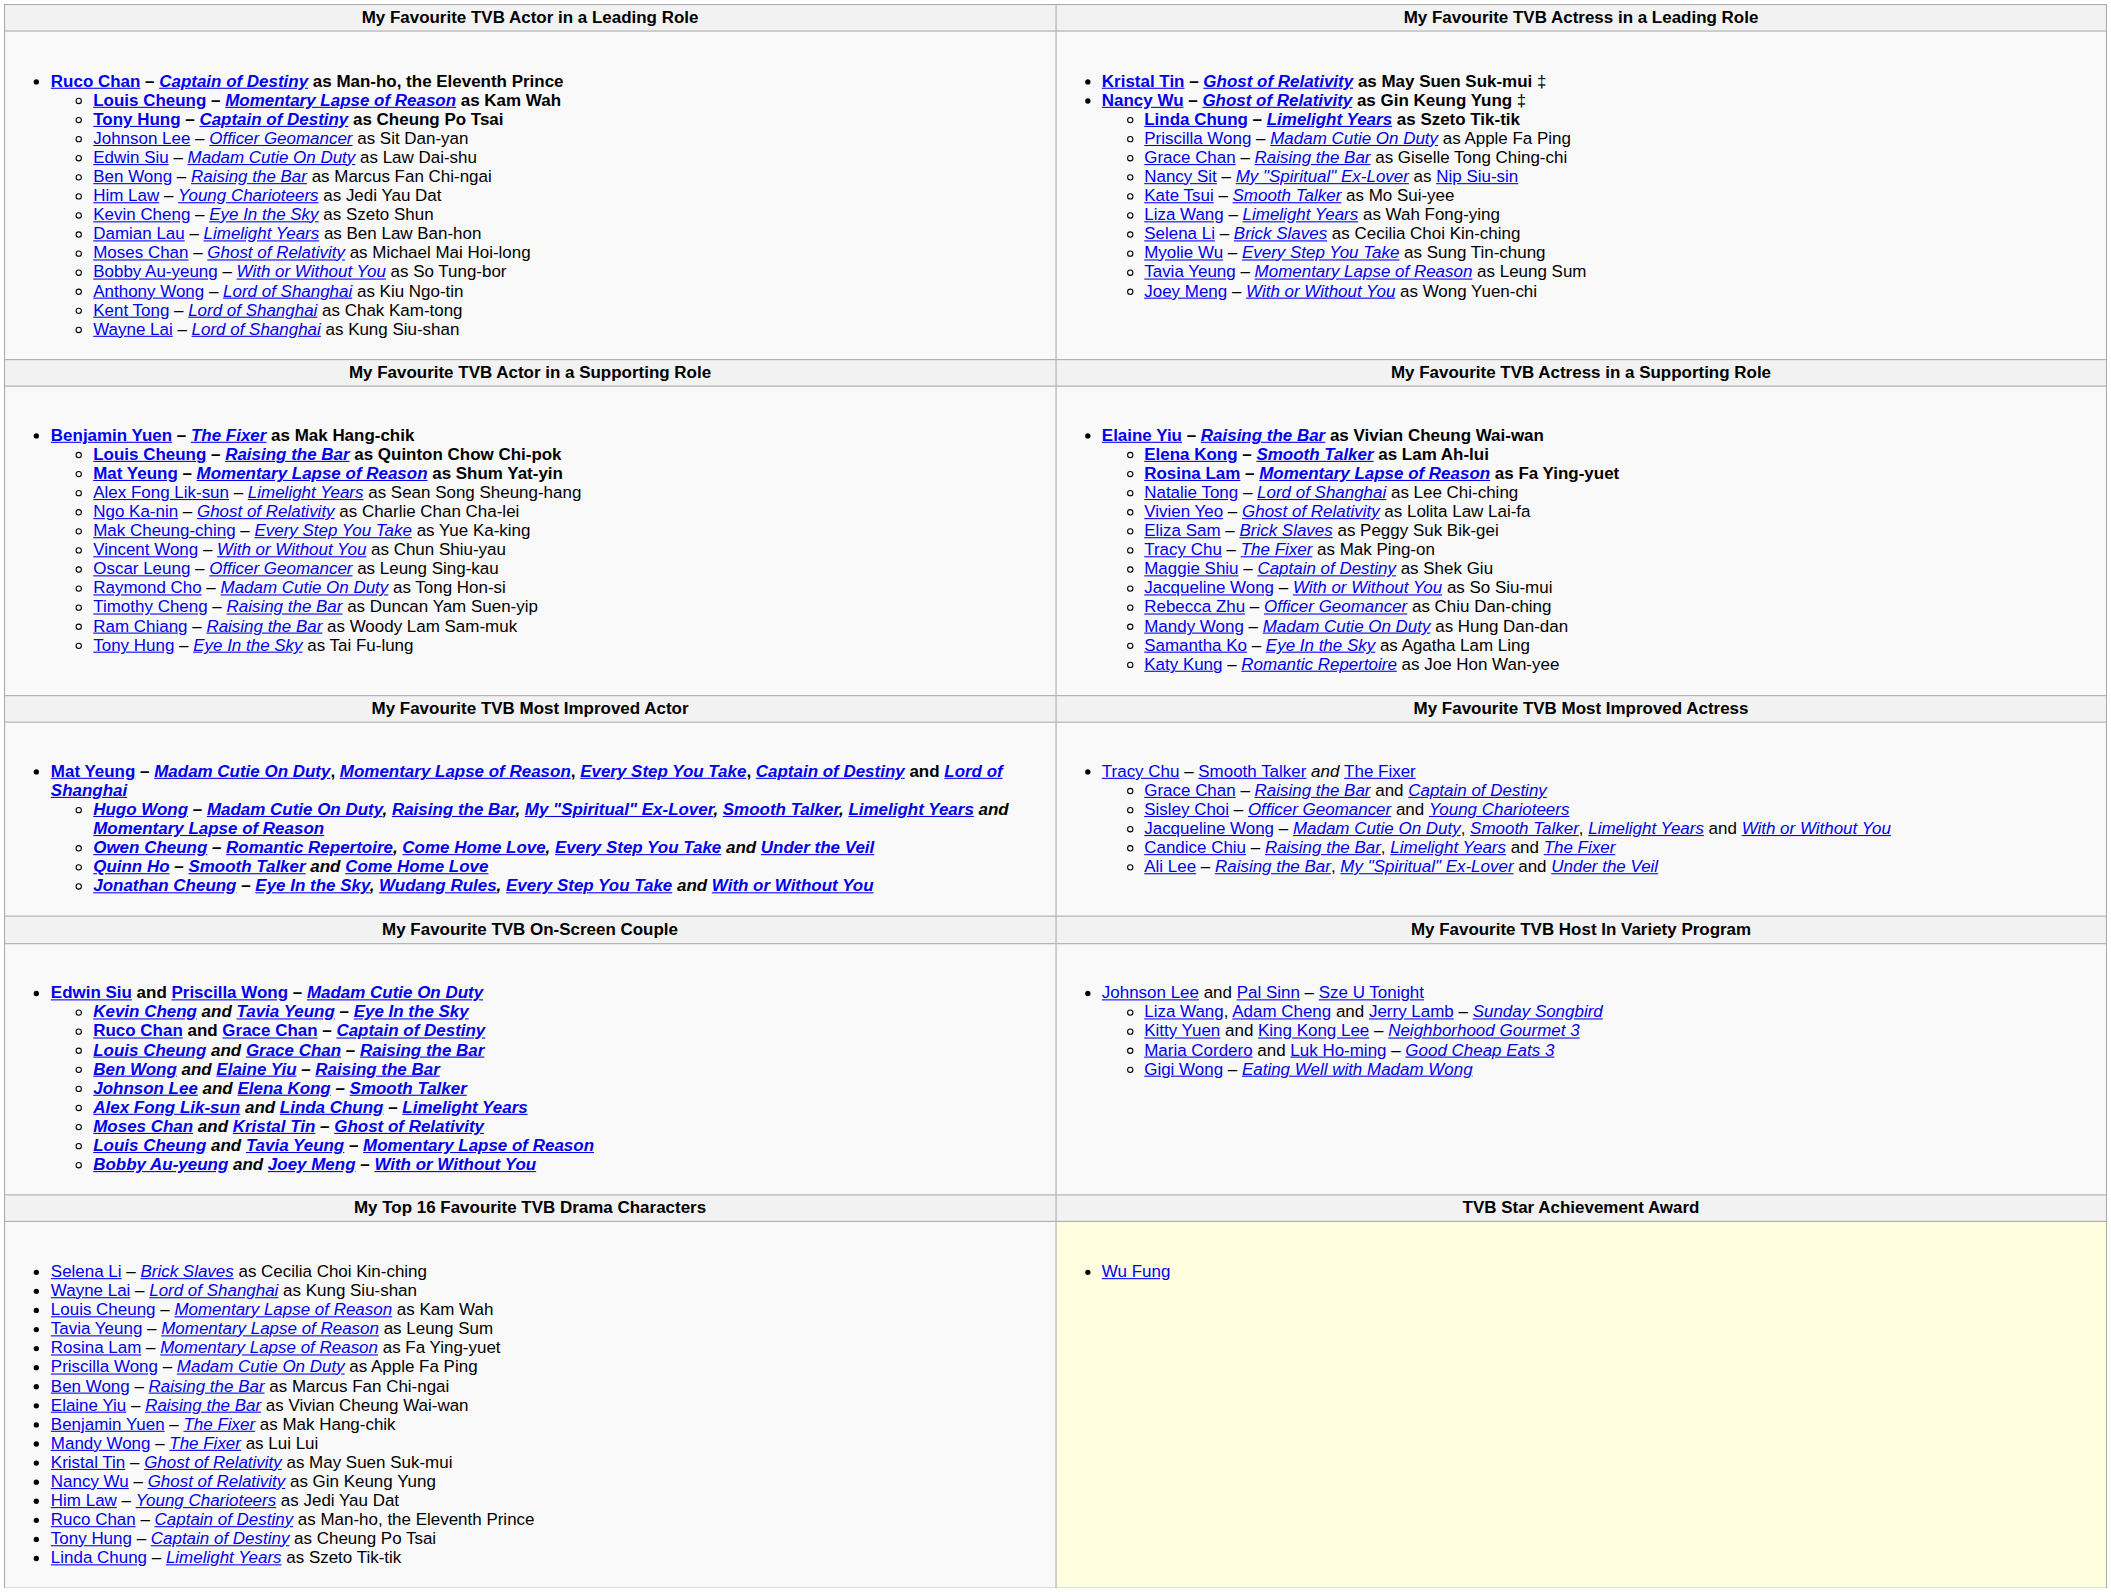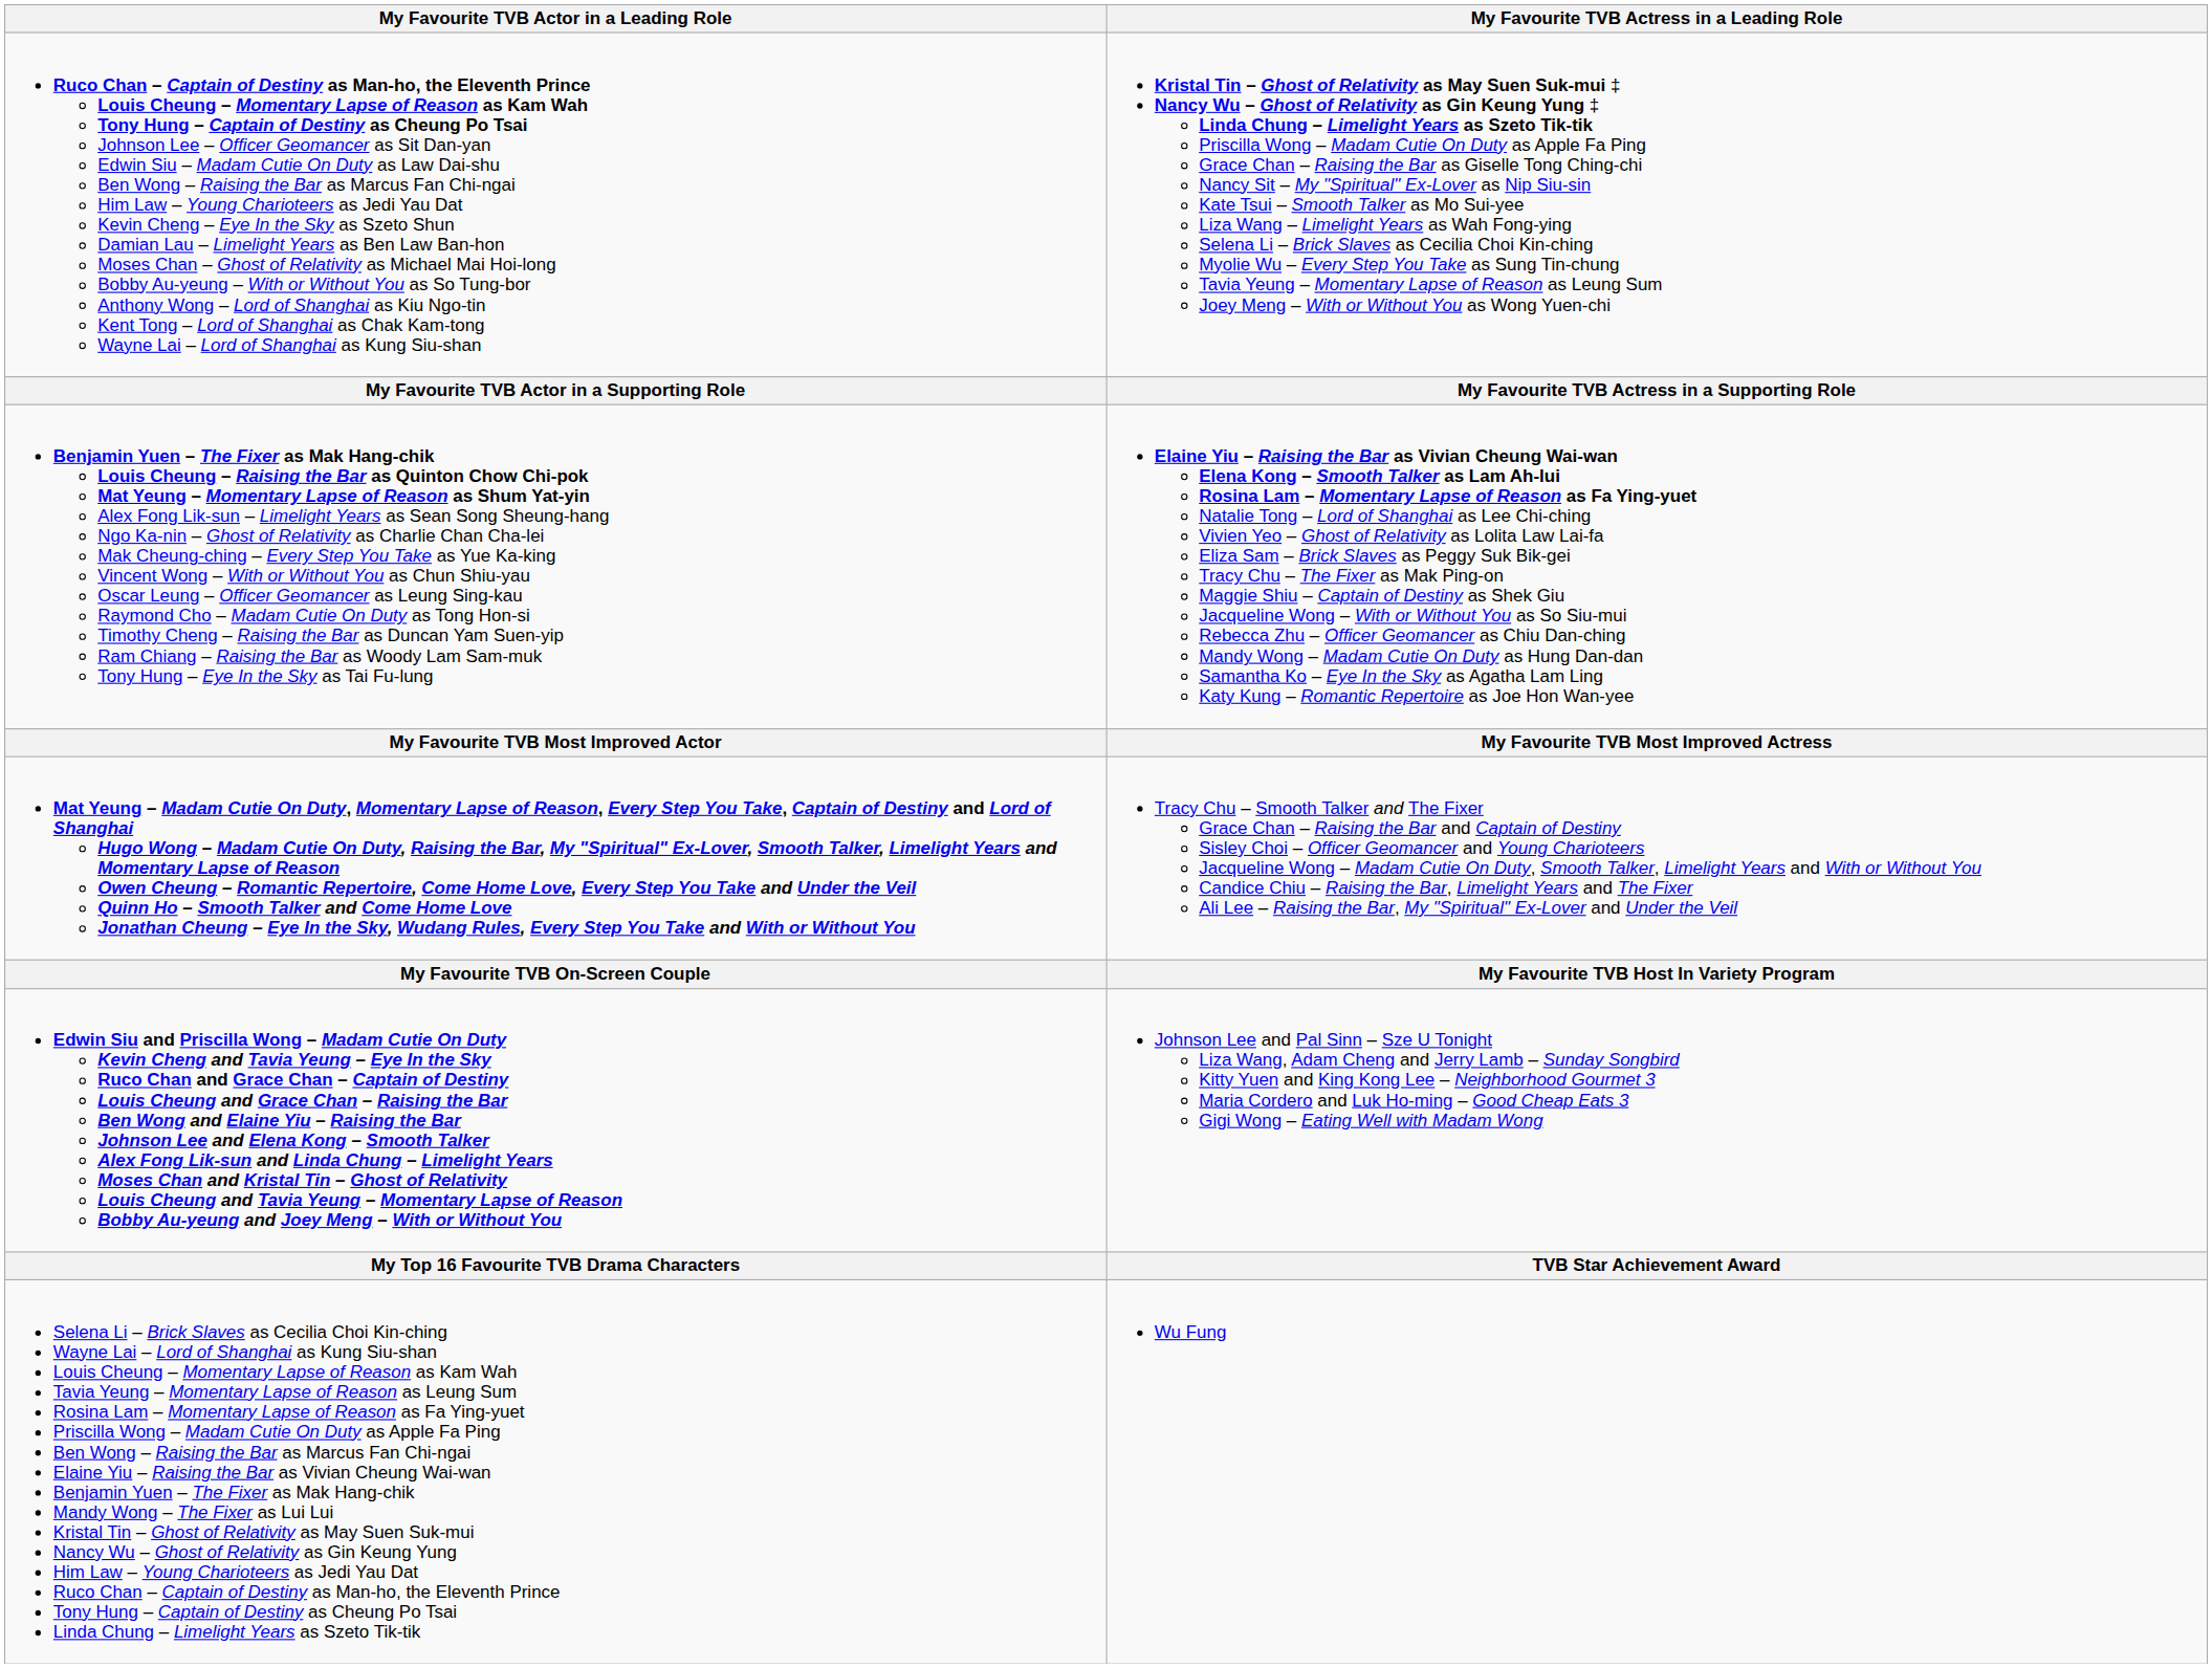 <table class="wikitable" width="100%">
 <tr>
 <th width="50%">My Favourite TVB Actor in a Leading Role</th>
 <th width="50%">My Favourite TVB Actress in a Leading Role</th>
 </tr>
 <tr>
 <td valign="top"><br><ul><li><strong> <a href='#'>Ruco Chan</a> – <em><a href='#'>Captain of Destiny</a></em> as Man-ho, the Eleventh Prince</strong><ul><li><strong><a href='#'>Louis Cheung</a> – <em><a href='#'>Momentary Lapse of Reason</a></em> as Kam Wah</strong></li><li><strong><a href='#'>Tony Hung</a> – <em><a href='#'>Captain of Destiny</a></em> as Cheung Po Tsai</strong></li><li><a href='#'>Johnson Lee</a> – <em><a href='#'>Officer Geomancer</a></em> as Sit Dan-yan</li><li><a href='#'>Edwin Siu</a> – <em><a href='#'>Madam Cutie On Duty</a></em> as Law Dai-shu</li><li><a href='#'>Ben Wong</a> – <em><a href='#'>Raising the Bar</a></em> as Marcus Fan Chi-ngai</li><li><a href='#'>Him Law</a> – <em><a href='#'>Young Charioteers</a></em> as Jedi Yau Dat</li><li><a href='#'>Kevin Cheng</a> – <em><a href='#'>Eye In the Sky</a></em> as Szeto Shun</li><li><a href='#'>Damian Lau</a> – <em><a href='#'>Limelight Years</a></em> as Ben Law Ban-hon</li><li><a href='#'>Moses Chan</a> – <em><a href='#'>Ghost of Relativity</a></em> as Michael Mai Hoi-long</li><li><a href='#'>Bobby Au-yeung</a> – <em><a href='#'>With or Without You</a></em> as So Tung-bor</li><li><a href='#'>Anthony Wong</a> – <em><a href='#'>Lord of Shanghai</a></em> as Kiu Ngo-tin</li><li><a href='#'>Kent Tong</a> – <em><a href='#'>Lord of Shanghai</a></em> as Chak Kam-tong</li><li><a href='#'>Wayne Lai</a> – <em><a href='#'>Lord of Shanghai</a></em> as Kung Siu-shan</li></ul></li></ul></td>
 <td valign="top"><br><ul><li><strong><a href='#'>Kristal Tin</a> – <em><a href='#'>Ghost of Relativity</a></em> as May Suen Suk-mui</strong> ‡</li><li><strong><a href='#'>Nancy Wu</a> – <em><a href='#'>Ghost of Relativity</a></em> as Gin Keung Yung</strong> ‡<ul><li><strong><a href='#'>Linda Chung</a> – <em><a href='#'>Limelight Years</a></em> as Szeto Tik-tik</strong></li><li><a href='#'>Priscilla Wong</a> – <em><a href='#'>Madam Cutie On Duty</a></em> as Apple Fa Ping</li><li><a href='#'>Grace Chan</a> – <em><a href='#'>Raising the Bar</a></em> as Giselle Tong Ching-chi</li><li><a href='#'>Nancy Sit</a> – <em><a href='#'>My "Spiritual" Ex-Lover</a></em> as <a href='#'>Nip Siu-sin</a></li><li><a href='#'>Kate Tsui</a> – <em><a href='#'>Smooth Talker</a></em> as Mo Sui-yee</li><li><a href='#'>Liza Wang</a> – <em><a href='#'>Limelight Years</a></em> as Wah Fong-ying</li><li><a href='#'>Selena Li</a> – <em><a href='#'>Brick Slaves</a></em> as Cecilia Choi Kin-ching</li><li><a href='#'>Myolie Wu</a> – <em><a href='#'>Every Step You Take</a></em> as Sung Tin-chung</li><li><a href='#'>Tavia Yeung</a> – <em><a href='#'>Momentary Lapse of Reason</a></em> as Leung Sum</li><li><a href='#'>Joey Meng</a> – <em><a href='#'>With or Without You</a></em> as Wong Yuen-chi</li></ul></li></ul></td>
 </tr>
 <tr>
 <th width="50%">My Favourite TVB Actor in a Supporting Role</th>
 <th width="50%">My Favourite TVB Actress in a Supporting Role</th>
 </tr>
 <tr>
 <td valign="top"><br><ul><li><strong><a href='#'>Benjamin Yuen</a> – <em><a href='#'>The Fixer</a></em> as Mak Hang-chik</strong><ul><li><strong><a href='#'>Louis Cheung</a> – <em><a href='#'>Raising the Bar</a></em> as Quinton Chow Chi-pok</strong></li><li><strong><a href='#'>Mat Yeung</a> – <em><a href='#'>Momentary Lapse of Reason</a></em> as Shum Yat-yin</strong></li><li><a href='#'>Alex Fong Lik-sun</a> – <em><a href='#'>Limelight Years</a></em> as Sean Song Sheung-hang</li><li><a href='#'>Ngo Ka-nin</a> – <em><a href='#'>Ghost of Relativity</a></em> as Charlie Chan Cha-lei</li><li><a href='#'>Mak Cheung-ching</a> – <em><a href='#'>Every Step You Take</a></em> as Yue Ka-king</li><li><a href='#'>Vincent Wong</a> – <em><a href='#'>With or Without You</a></em> as Chun Shiu-yau</li><li><a href='#'>Oscar Leung</a> – <em><a href='#'>Officer Geomancer</a></em> as Leung Sing-kau</li><li><a href='#'>Raymond Cho</a> – <em><a href='#'>Madam Cutie On Duty</a></em> as Tong Hon-si</li><li><a href='#'>Timothy Cheng</a> – <em><a href='#'>Raising the Bar</a></em> as Duncan Yam Suen-yip</li><li><a href='#'>Ram Chiang</a> – <em><a href='#'>Raising the Bar</a></em> as Woody Lam Sam-muk</li><li><a href='#'>Tony Hung</a> – <em><a href='#'>Eye In the Sky</a></em> as Tai Fu-lung</li></ul></li></ul></td>
 <td valign="top"><br><ul><li><strong><a href='#'>Elaine Yiu</a> – <em><a href='#'>Raising the Bar</a></em> as Vivian Cheung Wai-wan</strong><ul><li><strong><a href='#'>Elena Kong</a> – <em><a href='#'>Smooth Talker</a></em> as Lam Ah-lui</strong></li><li><strong><a href='#'>Rosina Lam</a> – <em><a href='#'>Momentary Lapse of Reason</a></em> as Fa Ying-yuet</strong></li><li><a href='#'>Natalie Tong</a> – <em><a href='#'>Lord of Shanghai</a></em> as Lee Chi-ching</li><li><a href='#'>Vivien Yeo</a> – <em><a href='#'>Ghost of Relativity</a></em> as Lolita Law Lai-fa</li><li><a href='#'>Eliza Sam</a> – <em><a href='#'>Brick Slaves</a></em> as Peggy Suk Bik-gei</li><li><a href='#'>Tracy Chu</a> – <em><a href='#'>The Fixer</a></em> as Mak Ping-on</li><li><a href='#'>Maggie Shiu</a> – <em><a href='#'>Captain of Destiny</a></em> as Shek Giu</li><li><a href='#'>Jacqueline Wong</a> – <em><a href='#'>With or Without You</a></em> as So Siu-mui</li><li><a href='#'>Rebecca Zhu</a> – <em><a href='#'>Officer Geomancer</a></em> as Chiu Dan-ching</li><li><a href='#'>Mandy Wong</a> – <em><a href='#'>Madam Cutie On Duty</a></em> as Hung Dan-dan</li><li><a href='#'>Samantha Ko</a> – <em><a href='#'>Eye In the Sky</a></em> as Agatha Lam Ling</li><li><a href='#'>Katy Kung</a> – <em><a href='#'>Romantic Repertoire</a></em> as Joe Hon Wan-yee</li></ul></li></ul></td>
 </tr>
 <tr>
 <th width="50%">My Favourite TVB Most Improved Actor</th>
 <th width="50%">My Favourite TVB Most Improved Actress</th>
 </tr>
 <tr>
 <td valign="top"><br><ul><li><strong><a href='#'>Mat Yeung</a> – <em><a href='#'>Madam Cutie On Duty</a></em>, <em><a href='#'>Momentary Lapse of Reason</a></em>, <em><a href='#'>Every Step You Take</a></em>, <em><a href='#'>Captain of Destiny</a></em> and <em><a href='#'>Lord of Shanghai</a><strong><em><ul><li><a href='#'>Hugo Wong</a> – </em><a href='#'>Madam Cutie On Duty</a><em>, </em><a href='#'>Raising the Bar</a><em>, </em><a href='#'>My "Spiritual" Ex-Lover</a><em>, </em><a href='#'>Smooth Talker</a><em>, </em><a href='#'>Limelight Years</a><em> and </em><a href='#'>Momentary Lapse of Reason</a><em></li><li><a href='#'>Owen Cheung</a> – </em><a href='#'>Romantic Repertoire</a><em>, </em><a href='#'>Come Home Love</a><em>, </em><a href='#'>Every Step You Take</a><em> and </em><a href='#'>Under the Veil</a><em></li><li><a href='#'>Quinn Ho</a> – </em><a href='#'>Smooth Talker</a><em> and </em><a href='#'>Come Home Love</a><em></li><li><a href='#'>Jonathan Cheung</a> – </em><a href='#'>Eye In the Sky</a><em>, </em><a href='#'>Wudang Rules</a><em>, </em><a href='#'>Every Step You Take</a><em> and </em><a href='#'>With or Without You</a><em></li></ul></li></ul></td>
 <td valign="top"><br><ul><li></strong><a href='#'>Tracy Chu</a> – </em><a href='#'>Smooth Talker</a><em> and </em><a href='#'>The Fixer</a></em></strong><ul><li><a href='#'>Grace Chan</a> – <em><a href='#'>Raising the Bar</a></em> and <em><a href='#'>Captain of Destiny</a></em></li><li><a href='#'>Sisley Choi</a> – <em><a href='#'>Officer Geomancer</a></em> and <em><a href='#'>Young Charioteers</a></em></li><li><a href='#'>Jacqueline Wong</a> – <em><a href='#'>Madam Cutie On Duty</a></em>, <em><a href='#'>Smooth Talker</a></em>, <em><a href='#'>Limelight Years</a></em> and <em><a href='#'>With or Without You</a></em></li><li><a href='#'>Candice Chiu</a> – <em><a href='#'>Raising the Bar</a></em>, <em><a href='#'>Limelight Years</a></em> and <em><a href='#'>The Fixer</a></em></li><li><a href='#'>Ali Lee</a> – <em><a href='#'>Raising the Bar</a></em>, <em><a href='#'>My "Spiritual" Ex-Lover</a></em> and <em><a href='#'>Under the Veil</a></em></li></ul></li></ul></td>
 </tr>
 <tr>
 <th width="50%">My Favourite TVB On-Screen Couple</th>
 <th width="50%">My Favourite TVB Host In Variety Program</th>
 </tr>
 <tr>
 <td valign="top"><br><ul><li><strong><a href='#'>Edwin Siu</a> and <a href='#'>Priscilla Wong</a> – <em><a href='#'>Madam Cutie On Duty</a><strong><em><ul><li></strong><a href='#'>Kevin Cheng</a> and <a href='#'>Tavia Yeung</a> – </em><a href='#'>Eye In the Sky</a></em></strong></li><li><strong><a href='#'>Ruco Chan</a> and <a href='#'>Grace Chan</a> – <em><a href='#'>Captain of Destiny</a><strong><em></li><li><a href='#'>Louis Cheung</a> and <a href='#'>Grace Chan</a> – </em><a href='#'>Raising the Bar</a><em></li><li><a href='#'>Ben Wong</a> and <a href='#'>Elaine Yiu</a> – </em><a href='#'>Raising the Bar</a><em></li><li><a href='#'>Johnson Lee</a> and <a href='#'>Elena Kong</a> – </em><a href='#'>Smooth Talker</a><em></li><li><a href='#'>Alex Fong Lik-sun</a> and <a href='#'>Linda Chung</a> – </em><a href='#'>Limelight Years</a><em></li><li><a href='#'>Moses Chan</a> and <a href='#'>Kristal Tin</a> – </em><a href='#'>Ghost of Relativity</a><em></li><li><a href='#'>Louis Cheung</a> and <a href='#'>Tavia Yeung</a> – </em><a href='#'>Momentary Lapse of Reason</a><em></li><li><a href='#'>Bobby Au-yeung</a> and <a href='#'>Joey Meng</a> – </em><a href='#'>With or Without You</a><em></li></ul></li></ul></td>
 <td valign="top"><br><ul><li></strong><a href='#'>Johnson Lee</a> and <a href='#'>Pal Sinn</a> – </em><a href='#'>Sze U Tonight</a></em></strong><ul><li><a href='#'>Liza Wang</a>, <a href='#'>Adam Cheng</a> and <a href='#'>Jerry Lamb</a> – <em><a href='#'>Sunday Songbird</a></em></li><li><a href='#'>Kitty Yuen</a> and <a href='#'>King Kong Lee</a> – <em><a href='#'>Neighborhood Gourmet 3</a></em></li><li><a href='#'>Maria Cordero</a> and <a href='#'>Luk Ho-ming</a> – <em><a href='#'>Good Cheap Eats 3</a></em></li><li><a href='#'>Gigi Wong</a> – <em><a href='#'>Eating Well with Madam Wong</a></em></li></ul></li></ul></td>
 </tr>
 <tr>
 <th width="50%">My Top 16 Favourite TVB Drama Characters</th>
 <th width="50%">TVB Star Achievement Award</th>
 </tr>
 <tr>
 <td valign="top"><br><ul><li><a href='#'>Selena Li</a> – <em><a href='#'>Brick Slaves</a></em> as Cecilia Choi Kin-ching</li><li><a href='#'>Wayne Lai</a> – <em><a href='#'>Lord of Shanghai</a></em> as Kung Siu-shan</li><li><a href='#'>Louis Cheung</a> – <em><a href='#'>Momentary Lapse of Reason</a></em> as Kam Wah</li><li><a href='#'>Tavia Yeung</a> – <em><a href='#'>Momentary Lapse of Reason</a></em> as Leung Sum</li><li><a href='#'>Rosina Lam</a> – <em><a href='#'>Momentary Lapse of Reason</a></em> as Fa Ying-yuet</li><li><a href='#'>Priscilla Wong</a> – <em><a href='#'>Madam Cutie On Duty</a></em> as Apple Fa Ping</li><li><a href='#'>Ben Wong</a> – <em><a href='#'>Raising the Bar</a></em> as Marcus Fan Chi-ngai</li><li><a href='#'>Elaine Yiu</a> – <em><a href='#'>Raising the Bar</a></em> as Vivian Cheung Wai-wan</li><li><a href='#'>Benjamin Yuen</a> – <em><a href='#'>The Fixer</a></em> as Mak Hang-chik</li><li><a href='#'>Mandy Wong</a> – <em><a href='#'>The Fixer</a></em> as Lui Lui</li><li><a href='#'>Kristal Tin</a> – <em><a href='#'>Ghost of Relativity</a></em> as May Suen Suk-mui</li><li><a href='#'>Nancy Wu</a> – <em><a href='#'>Ghost of Relativity</a></em> as Gin Keung Yung</li><li><a href='#'>Him Law</a> – <em><a href='#'>Young Charioteers</a></em> as Jedi Yau Dat</li><li><a href='#'>Ruco Chan</a> – <em><a href='#'>Captain of Destiny</a></em> as Man-ho, the Eleventh Prince</li><li><a href='#'>Tony Hung</a> – <em><a href='#'>Captain of Destiny</a></em> as Cheung Po Tsai</li><li><a href='#'>Linda Chung</a> – <em><a href='#'>Limelight Years</a></em> as Szeto Tik-tik</li></ul></td>
-<td valign="top" style="background: lightyellow;"><br><ul><li><a href='#'>Wu Fung</a></li></ul></td>
+<td valign="top"><br><ul><li><a href='#'>Wu Fung</a></li></ul></td>
 </tr>
 </table>
